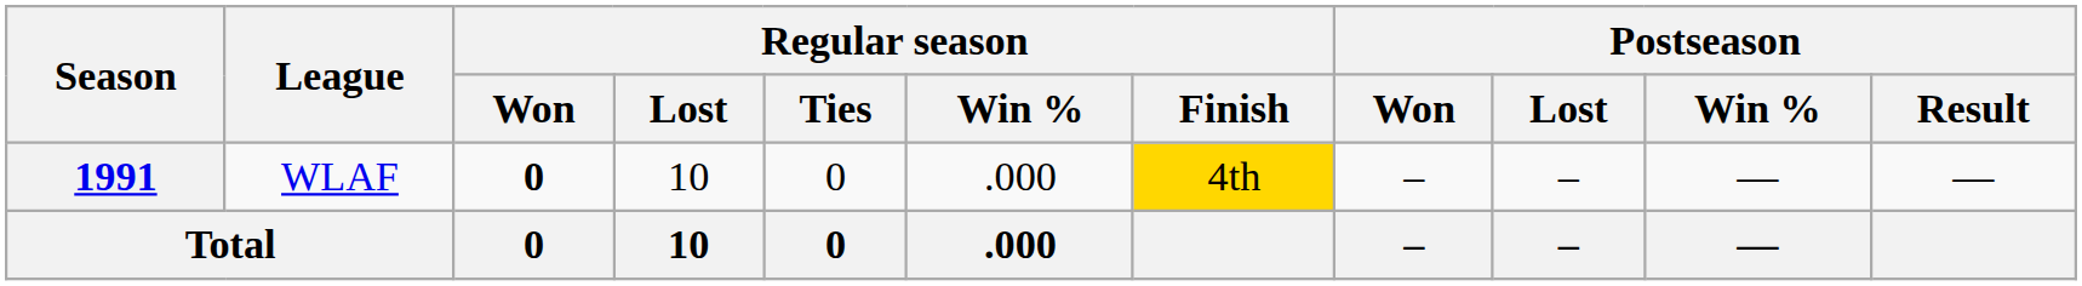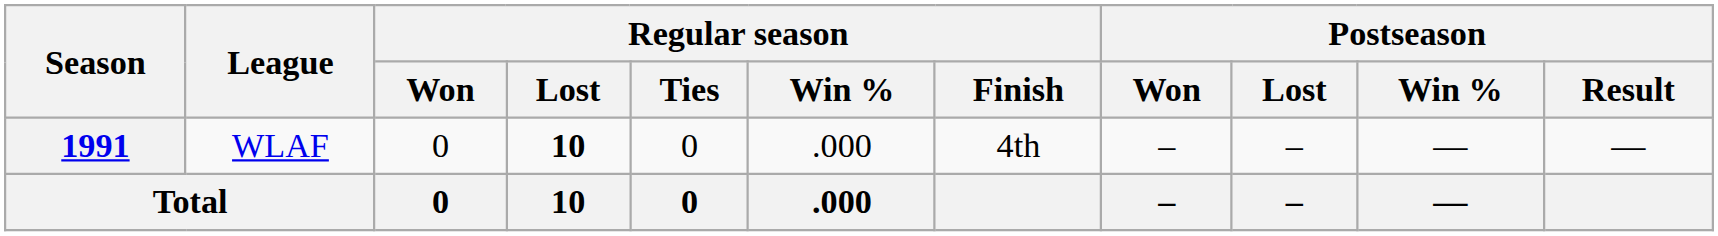 <table class="wikitable" style="font-size:95%; text-align:center; width:50em">
 <tr>
 <th rowspan="2">Season</th>
 <th rowspan="2">League</th>
 <th colspan="5">Regular season</th>
 <th colspan="4">Postseason</th>
 </tr>
 <tr>
 <th>Won</th>
 <th>Lost</th>
 <th>Ties</th>
 <th>Win %</th>
 <th>Finish</th>
 <th>Won</th>
 <th>Lost</th>
 <th>Win %</th>
 <th>Result</th>
 </tr>
 <tr>
 <th><a href='#'>1991</a></th>
 <td><a href='#'>WLAF</a></td>
-<td><strong>0</strong></td>
-<td>10</td>
+<td>0</td>
+<td><strong>10</strong></td>
 <td>0</td>
 <td>.000</td>
-<td style="background: gold;">4th </td>
+<td>4th </td>
 <td>–</td>
 <td>–</td>
 <td>—</td>
 <td>—</td>
 </tr>
 <tr>
 <th colspan="2">Total</th>
 <th>0</th>
 <th>10</th>
 <th>0</th>
 <th>.000</th>
 <th></th>
 <th>–</th>
 <th>–</th>
 <th>—</th>
 <th></th>
 </tr>
 </table>
